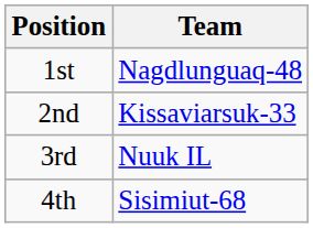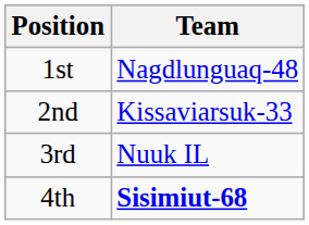 <table class="wikitable">
 <tr>
 <th>Position</th>
 <th>Team</th>
 </tr>
 <tr>
 <td style="text-align:center">1st</td>
 <td><a href='#'>Nagdlunguaq-48</a></td>
 </tr>
 <tr>
 <td style="text-align:center">2nd</td>
 <td><a href='#'>Kissaviarsuk-33</a></td>
 </tr>
 <tr>
 <td style="text-align:center">3rd</td>
 <td><a href='#'>Nuuk IL</a></td>
 </tr>
 <tr>
 <td style="text-align:center">4th</td>
-<td><a href='#'>Sisimiut-68</a></td>
+<td><strong><a href='#'>Sisimiut-68</a></strong></td>
 </tr>
 </table>
